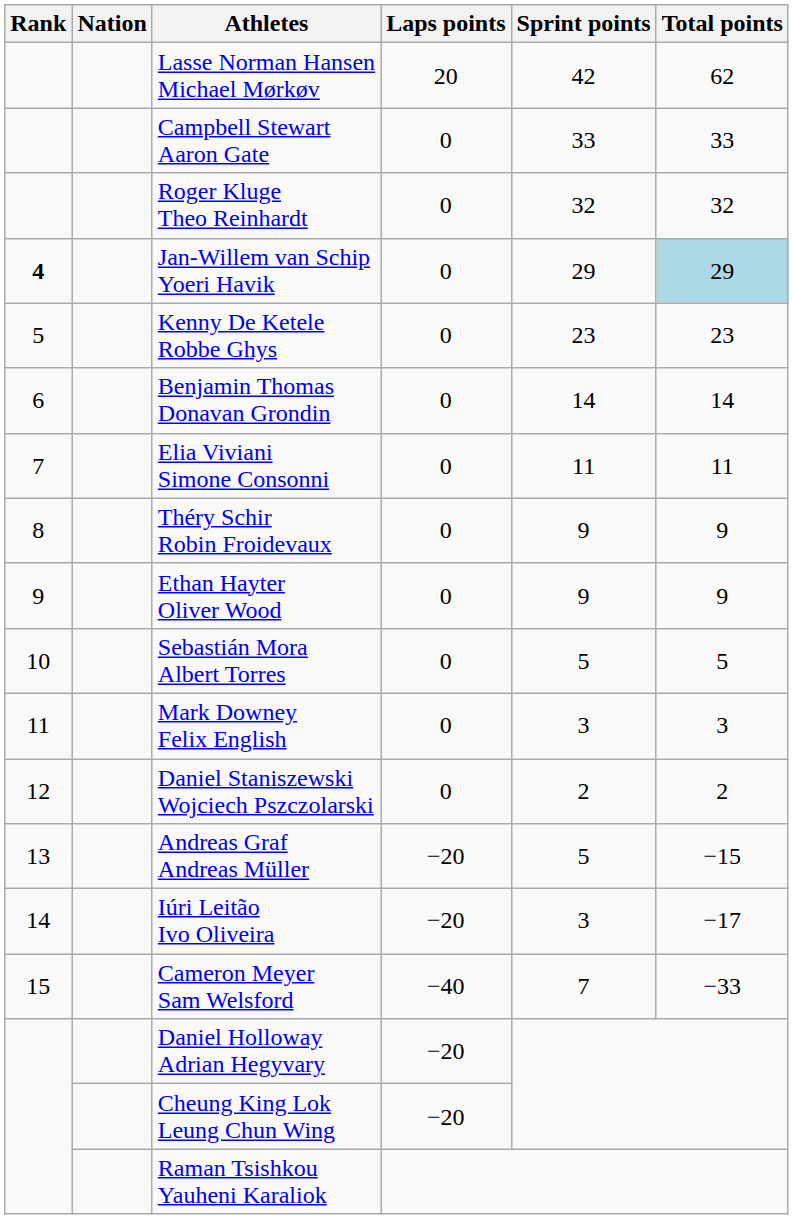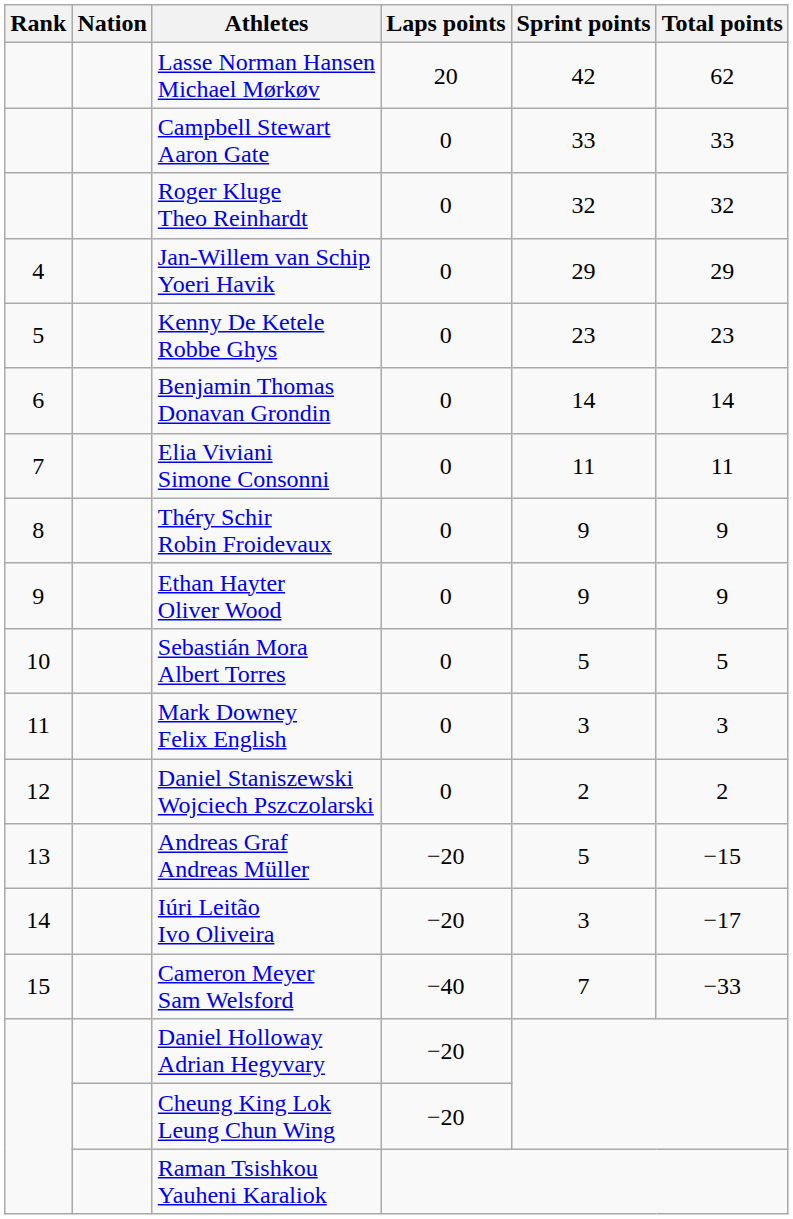 <table class="wikitable sortable" style="text-align:center">
 <tr>
 <th>Rank</th>
 <th>Nation</th>
 <th>Athletes</th>
 <th>Laps points</th>
 <th>Sprint points</th>
 <th>Total points</th>
 </tr>
 <tr>
 <td></td>
 <td align=left></td>
 <td align=left><a href='#'>Lasse Norman Hansen</a><br><a href='#'>Michael Mørkøv</a></td>
 <td>20</td>
 <td>42</td>
 <td>62</td>
 </tr>
 <tr>
 <td></td>
 <td align=left></td>
 <td align=left><a href='#'>Campbell Stewart</a><br><a href='#'>Aaron Gate</a></td>
 <td>0</td>
 <td>33</td>
 <td>33</td>
 </tr>
 <tr>
 <td></td>
 <td align=left></td>
 <td align=left><a href='#'>Roger Kluge</a><br><a href='#'>Theo Reinhardt</a></td>
 <td>0</td>
 <td>32</td>
 <td>32</td>
 </tr>
 <tr>
-<td><strong>4</strong></td>
+<td>4</td>
 <td align=left></td>
 <td align=left><a href='#'>Jan-Willem van Schip</a><br><a href='#'>Yoeri Havik</a></td>
 <td>0</td>
 <td>29</td>
-<td style="background: lightblue;">29</td>
+<td>29</td>
 </tr>
 <tr>
 <td>5</td>
 <td align=left></td>
 <td align=left><a href='#'>Kenny De Ketele</a><br><a href='#'>Robbe Ghys</a></td>
 <td>0</td>
 <td>23</td>
 <td>23</td>
 </tr>
 <tr>
 <td>6</td>
 <td align=left></td>
 <td align=left><a href='#'>Benjamin Thomas</a><br><a href='#'>Donavan Grondin</a></td>
 <td>0</td>
 <td>14</td>
 <td>14</td>
 </tr>
 <tr>
 <td>7</td>
 <td align=left></td>
 <td align=left><a href='#'>Elia Viviani</a><br><a href='#'>Simone Consonni</a></td>
 <td>0</td>
 <td>11</td>
 <td>11</td>
 </tr>
 <tr>
 <td>8</td>
 <td align=left></td>
 <td align=left><a href='#'>Théry Schir</a><br><a href='#'>Robin Froidevaux</a></td>
 <td>0</td>
 <td>9</td>
 <td>9</td>
 </tr>
 <tr>
 <td>9</td>
 <td align=left></td>
 <td align=left><a href='#'>Ethan Hayter</a><br><a href='#'>Oliver Wood</a></td>
 <td>0</td>
 <td>9</td>
 <td>9</td>
 </tr>
 <tr>
 <td>10</td>
 <td align=left></td>
 <td align=left><a href='#'>Sebastián Mora</a><br><a href='#'>Albert Torres</a></td>
 <td>0</td>
 <td>5</td>
 <td>5</td>
 </tr>
 <tr>
 <td>11</td>
 <td align=left></td>
 <td align=left><a href='#'>Mark Downey</a><br><a href='#'>Felix English</a></td>
 <td>0</td>
 <td>3</td>
 <td>3</td>
 </tr>
 <tr>
 <td>12</td>
 <td align=left></td>
 <td align=left><a href='#'>Daniel Staniszewski</a><br><a href='#'>Wojciech Pszczolarski</a></td>
 <td>0</td>
 <td>2</td>
 <td>2</td>
 </tr>
 <tr>
 <td>13</td>
 <td align=left></td>
 <td align=left><a href='#'>Andreas Graf</a><br><a href='#'>Andreas Müller</a></td>
 <td>−20</td>
 <td>5</td>
 <td>−15</td>
 </tr>
 <tr>
 <td>14</td>
 <td align=left></td>
 <td align=left><a href='#'>Iúri Leitão</a><br><a href='#'>Ivo Oliveira</a></td>
 <td>−20</td>
 <td>3</td>
 <td>−17</td>
 </tr>
 <tr>
 <td>15</td>
 <td align=left></td>
 <td align=left><a href='#'>Cameron Meyer</a><br><a href='#'>Sam Welsford</a></td>
 <td>−40</td>
 <td>7</td>
 <td>−33</td>
 </tr>
 <tr>
 <td rowspan=3></td>
 <td align=left></td>
 <td align=left><a href='#'>Daniel Holloway</a><br><a href='#'>Adrian Hegyvary</a></td>
 <td>−20</td>
 <td colspan=2 rowspan=2></td>
 </tr>
 <tr>
 <td align=left></td>
 <td align=left><a href='#'>Cheung King Lok</a><br><a href='#'>Leung Chun Wing</a></td>
 <td>−20</td>
 </tr>
 <tr>
 <td align=left></td>
 <td align=left><a href='#'>Raman Tsishkou</a><br><a href='#'>Yauheni Karaliok</a></td>
 <td colspan=3></td>
 </tr>
 </table>
